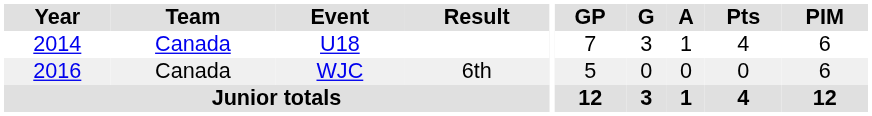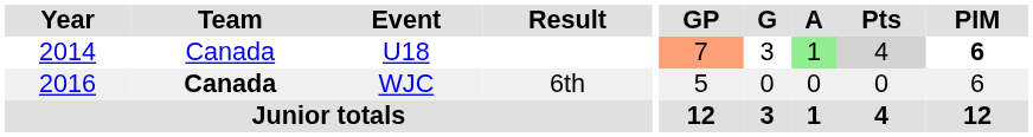 <table border="0" cellpadding="1" cellspacing="0" style="text-align:center; width:40em">
 <tr bgcolor="#e0e0e0">
 <th>Year</th>
 <th>Team</th>
 <th>Event</th>
 <th>Result</th>
 <th rowspan="99" bgcolor="#ffffff"></th>
 <th>GP</th>
 <th>G</th>
 <th>A</th>
 <th>Pts</th>
 <th>PIM</th>
 </tr>
 <tr>
 <td><a href='#'>2014</a></td>
 <td><a href='#'>Canada</a></td>
 <td><a href='#'>U18</a></td>
 <td></td>
-<td>7</td>
+<td style="background: lightsalmon;">7</td>
 <td>3</td>
-<td>1</td>
-<td>4</td>
-<td>6</td>
+<td style="background: lightgreen;">1</td>
+<td style="background: lightgrey;">4</td>
+<td><strong>6</strong></td>
 </tr>
 <tr bgcolor="#f0f0f0">
 <td><a href='#'>2016</a></td>
-<td>Canada</td>
+<td><strong>Canada</strong></td>
 <td><a href='#'>WJC</a></td>
 <td>6th</td>
 <td>5</td>
 <td>0</td>
 <td>0</td>
 <td>0</td>
 <td>6</td>
 </tr>
 <tr bgcolor="#e0e0e0">
 <th colspan="4">Junior totals</th>
 <th>12</th>
 <th>3</th>
 <th>1</th>
 <th>4</th>
 <th>12</th>
 </tr>
 </table>
